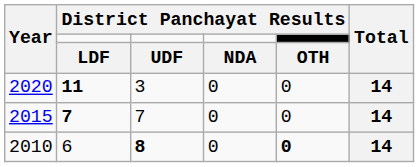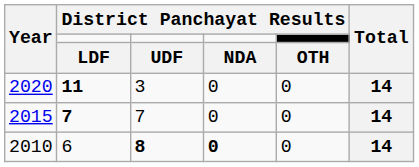 <table class="wikitable">
 <tr>
 <th rowspan="3">Year</th>
 <th colspan="4">District Panchayat Results</th>
 <th rowspan="3">Total</th>
 </tr>
 <tr>
 <td style="background:"></td>
 <td style="background:"></td>
 <td style="background:"></td>
 <td style="background:black"></td>
 </tr>
 <tr>
 <th>LDF</th>
 <th>UDF</th>
 <th>NDA</th>
 <th>OTH</th>
 </tr>
 <tr>
 <td><a href='#'>2020</a></td>
 <td><strong>11</strong></td>
 <td>3</td>
 <td>0</td>
 <td>0</td>
 <th>14</th>
 </tr>
 <tr>
 <td><a href='#'>2015</a></td>
 <td><strong>7</strong></td>
 <td>7</td>
 <td>0</td>
 <td>0</td>
 <th>14</th>
 </tr>
 <tr>
 <td>2010</td>
 <td>6</td>
 <td><strong>8</strong></td>
+<td><strong>0</strong></td>
 <td>0</td>
-<td><strong>0</strong></td>
 <th>14</th>
 </tr>
 </table>
